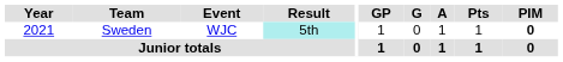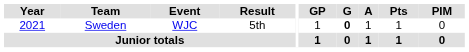 <table border="0" cellpadding="1" cellspacing="0" ID="Table3" style="text-align:center; width:40em">
 <tr ALIGN="center" bgcolor="#e0e0e0">
 <th>Year</th>
 <th>Team</th>
 <th>Event</th>
 <th>Result</th>
 <th rowspan="99" bgcolor="#ffffff"></th>
 <th>GP</th>
 <th>G</th>
 <th>A</th>
 <th>Pts</th>
 <th>PIM</th>
 </tr>
 <tr>
 <td><a href='#'>2021</a></td>
 <td><a href='#'>Sweden</a></td>
 <td><a href='#'>WJC</a></td>
-<td style="background: paleturquoise;">5th</td>
+<td>5th</td>
+<td>1</td>
+<td><strong>0</strong></td>
+<td>1</td>
 <td>1</td>
 <td>0</td>
-<td>1</td>
-<td>1</td>
-<td><strong>0</strong></td>
 </tr>
 <tr bgcolor="#e0e0e0">
 <th colspan="4">Junior totals</th>
 <th>1</th>
 <th>0</th>
 <th>1</th>
 <th>1</th>
 <th>0</th>
 </tr>
 </table>
